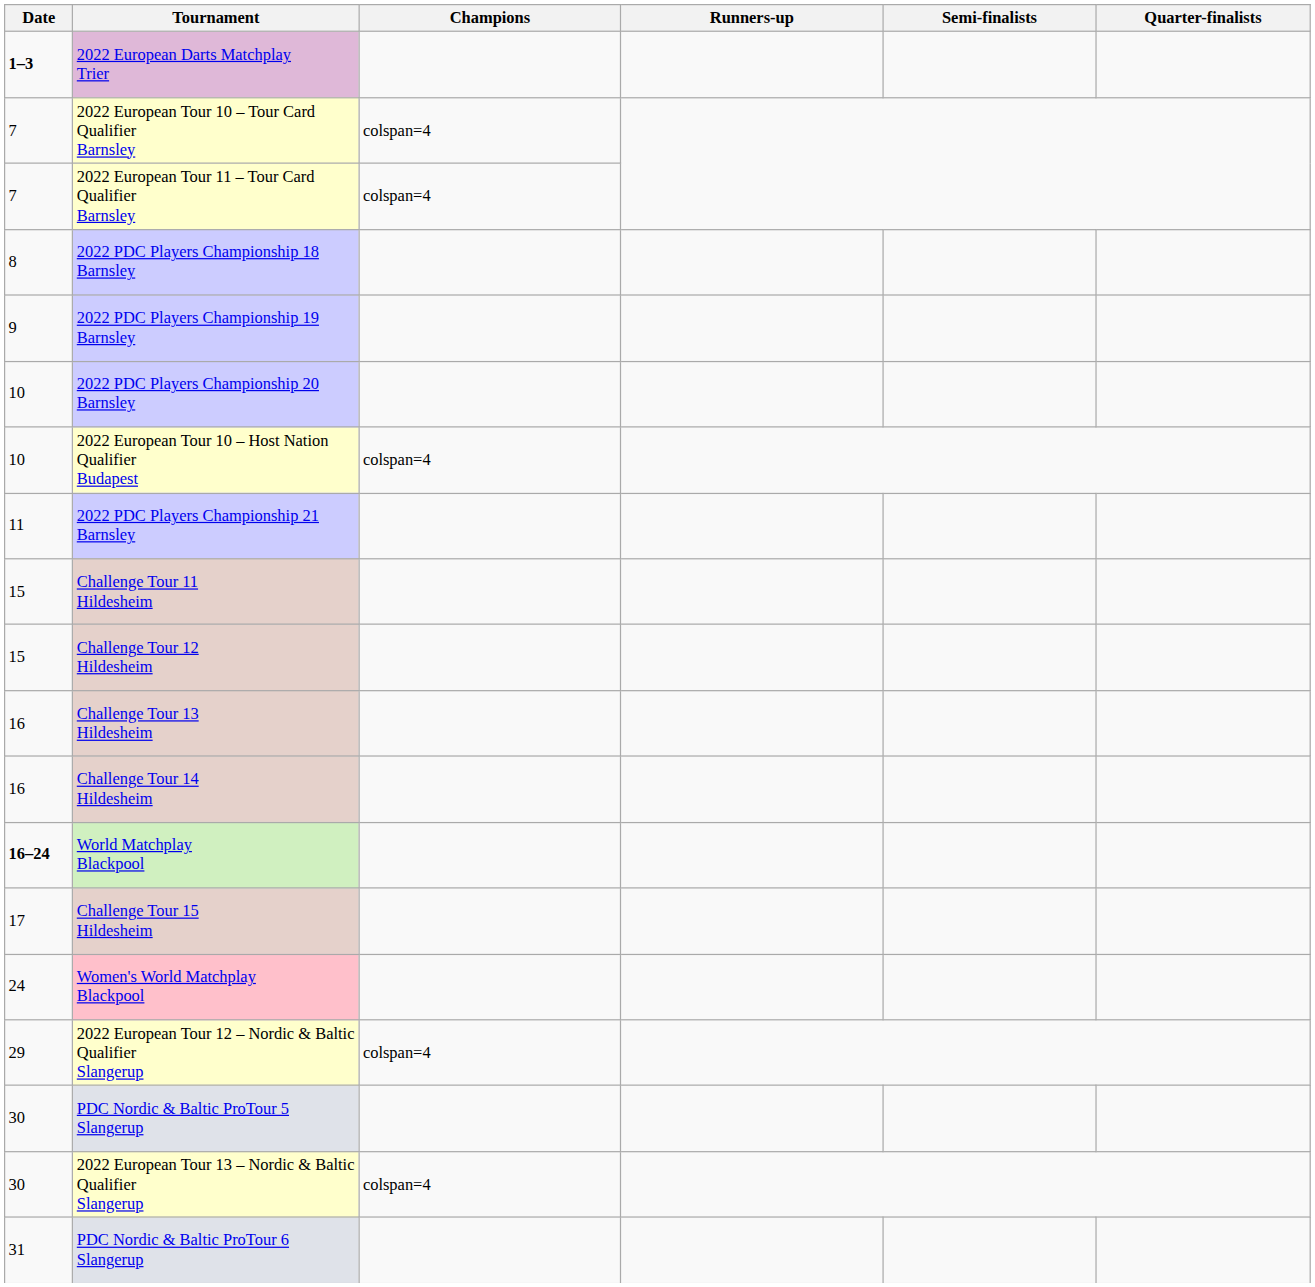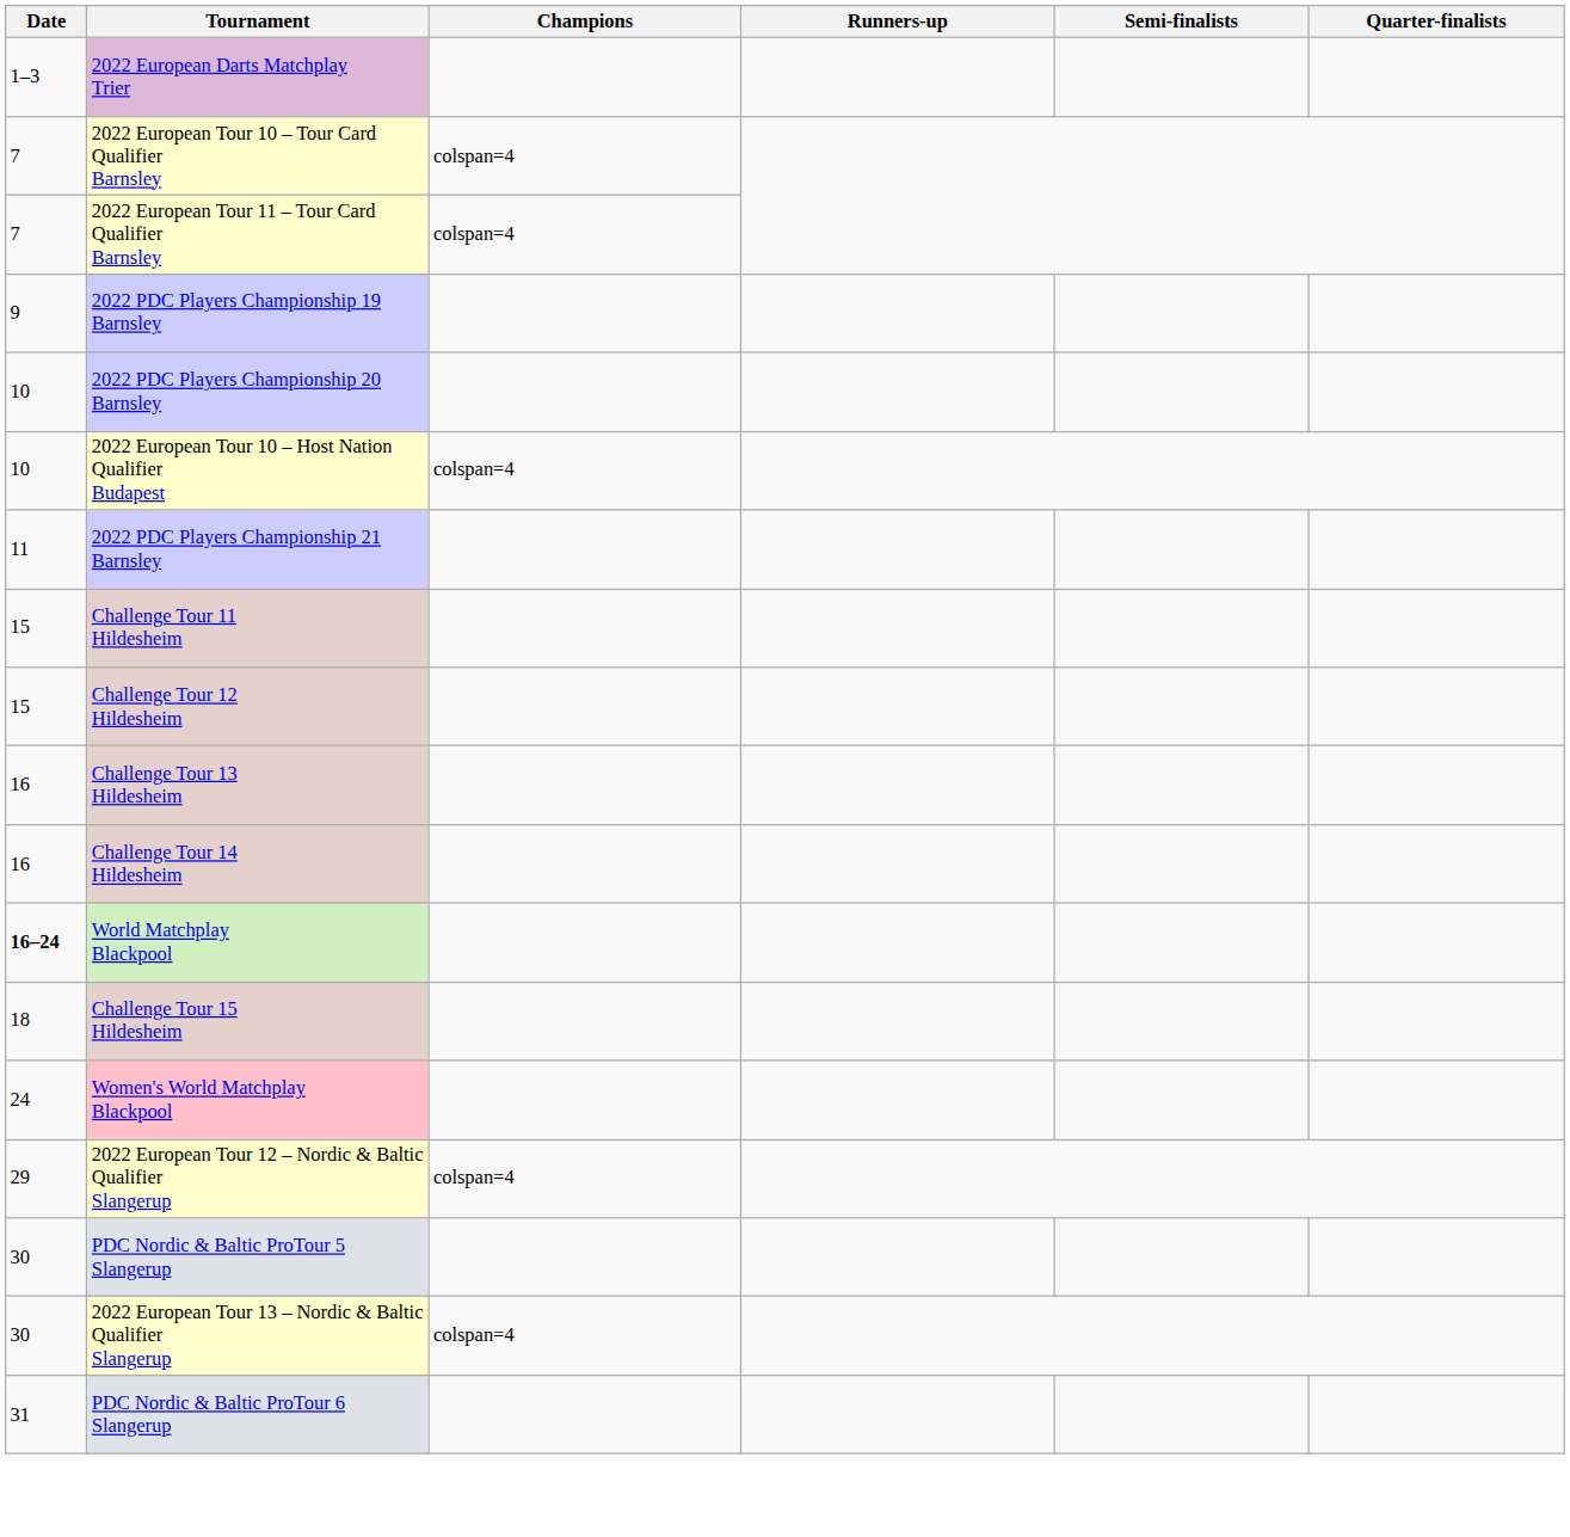 <table class=wikitable style=font-size:85%>
 <tr>
 <th width=50>Date</th>
 <th width=230>Tournament</th>
 <th width=210>Champions</th>
 <th width=210>Runners-up</th>
 <th width=170>Semi-finalists</th>
 <th width=170>Quarter-finalists</th>
 </tr>
 <tr>
-<td><strong>1–3</strong></td>
+<td>1–3</td>
 <td bgcolor="#dfb8d8"><a href='#'>2022 European Darts Matchplay</a> <br>  <a href='#'>Trier</a></td>
 <td></td>
 <td></td>
 <td> <br> </td>
 <td> <br>  <br>  <br> </td>
 </tr>
 <tr>
 <td>7</td>
 <td bgcolor="ffffcc">2022 European Tour 10 – Tour Card Qualifier <br> <a href='#'>Barnsley</a></td>
 <td>colspan=4 </td>
 </tr>
 <tr>
 <td>7</td>
 <td bgcolor="ffffcc">2022 European Tour 11 – Tour Card Qualifier <br> <a href='#'>Barnsley</a></td>
 <td>colspan=4 </td>
-</tr>
-<tr>
-<td>8</td>
-<td bgcolor="#ccccff"><a href='#'>2022 PDC Players Championship 18</a> <br>  <a href='#'>Barnsley</a></td>
-<td></td>
-<td></td>
-<td> <br> </td>
-<td> <br>  <br>  <br> </td>
 </tr>
 <tr>
 <td>9</td>
 <td bgcolor="#ccccff"><a href='#'>2022 PDC Players Championship 19</a> <br>  <a href='#'>Barnsley</a></td>
 <td></td>
 <td></td>
 <td> <br> </td>
 <td> <br>  <br>  <br> </td>
 </tr>
 <tr>
 <td>10</td>
 <td bgcolor="#ccccff"><a href='#'>2022 PDC Players Championship 20</a> <br>  <a href='#'>Barnsley</a></td>
 <td></td>
 <td></td>
 <td> <br> </td>
 <td> <br>  <br>  <br> </td>
 </tr>
 <tr>
 <td>10</td>
 <td bgcolor="ffffcc">2022 European Tour 10 – Host Nation Qualifier <br> <a href='#'>Budapest</a></td>
 <td>colspan=4 </td>
 </tr>
 <tr>
 <td>11</td>
 <td bgcolor="#ccccff"><a href='#'>2022 PDC Players Championship 21</a> <br>  <a href='#'>Barnsley</a></td>
 <td></td>
 <td></td>
 <td> <br> </td>
 <td> <br>  <br>  <br> </td>
 </tr>
 <tr>
 <td>15</td>
 <td bgcolor="#e5d1cb"><a href='#'>Challenge Tour 11</a> <br>  <a href='#'>Hildesheim</a></td>
 <td></td>
 <td></td>
 <td> <br> </td>
 <td> <br>  <br>  <br> </td>
 </tr>
 <tr>
 <td>15</td>
 <td bgcolor="#e5d1cb"><a href='#'>Challenge Tour 12</a> <br>  <a href='#'>Hildesheim</a></td>
 <td></td>
 <td></td>
 <td> <br> </td>
 <td> <br>  <br>  <br> </td>
 </tr>
 <tr>
 <td>16</td>
 <td bgcolor="#e5d1cb"><a href='#'>Challenge Tour 13</a> <br>  <a href='#'>Hildesheim</a></td>
 <td></td>
 <td></td>
 <td> <br> </td>
 <td> <br>  <br>  <br> </td>
 </tr>
 <tr>
 <td>16</td>
 <td bgcolor="#e5d1cb"><a href='#'>Challenge Tour 14</a> <br>  <a href='#'>Hildesheim</a></td>
 <td></td>
 <td></td>
 <td> <br> </td>
 <td> <br>  <br>  <br> </td>
 </tr>
 <tr>
 <td><strong>16–24</strong></td>
 <td bgcolor="#d0f0c0"><a href='#'>World Matchplay</a> <br>  <a href='#'>Blackpool</a></td>
 <td></td>
 <td></td>
 <td> <br> </td>
 <td> <br>  <br>  <br> </td>
 </tr>
 <tr>
-<td>17</td>
+<td>18</td>
 <td bgcolor="#e5d1cb"><a href='#'>Challenge Tour 15</a><br>  <a href='#'>Hildesheim</a></td>
 <td></td>
 <td></td>
 <td> <br> </td>
 <td> <br>  <br>  <br> </td>
 </tr>
 <tr>
 <td>24</td>
 <td bgcolor="#ffc0cb"><a href='#'>Women's World Matchplay</a> <br>  <a href='#'>Blackpool</a></td>
 <td></td>
 <td></td>
 <td> <br> </td>
 <td> <br>  <br>  <br> </td>
 </tr>
 <tr>
 <td>29</td>
 <td bgcolor="ffffcc">2022 European Tour 12 – Nordic & Baltic Qualifier <br> <a href='#'>Slangerup</a></td>
 <td>colspan=4 </td>
 </tr>
 <tr>
 <td>30</td>
 <td bgcolor="#dfe2e9"><a href='#'>PDC Nordic & Baltic ProTour 5</a> <br>  <a href='#'>Slangerup</a></td>
 <td></td>
 <td></td>
 <td> <br> </td>
 <td> <br>  <br>  <br> </td>
 </tr>
 <tr>
 <td>30</td>
 <td bgcolor="ffffcc">2022 European Tour 13 – Nordic & Baltic Qualifier <br> <a href='#'>Slangerup</a></td>
 <td>colspan=4 </td>
 </tr>
 <tr>
 <td>31</td>
 <td bgcolor="#dfe2e9"><a href='#'>PDC Nordic & Baltic ProTour 6</a> <br>  <a href='#'>Slangerup</a></td>
 <td></td>
 <td></td>
 <td> <br> </td>
 <td> <br>  <br>  <br> </td>
 </tr>
 </table>
